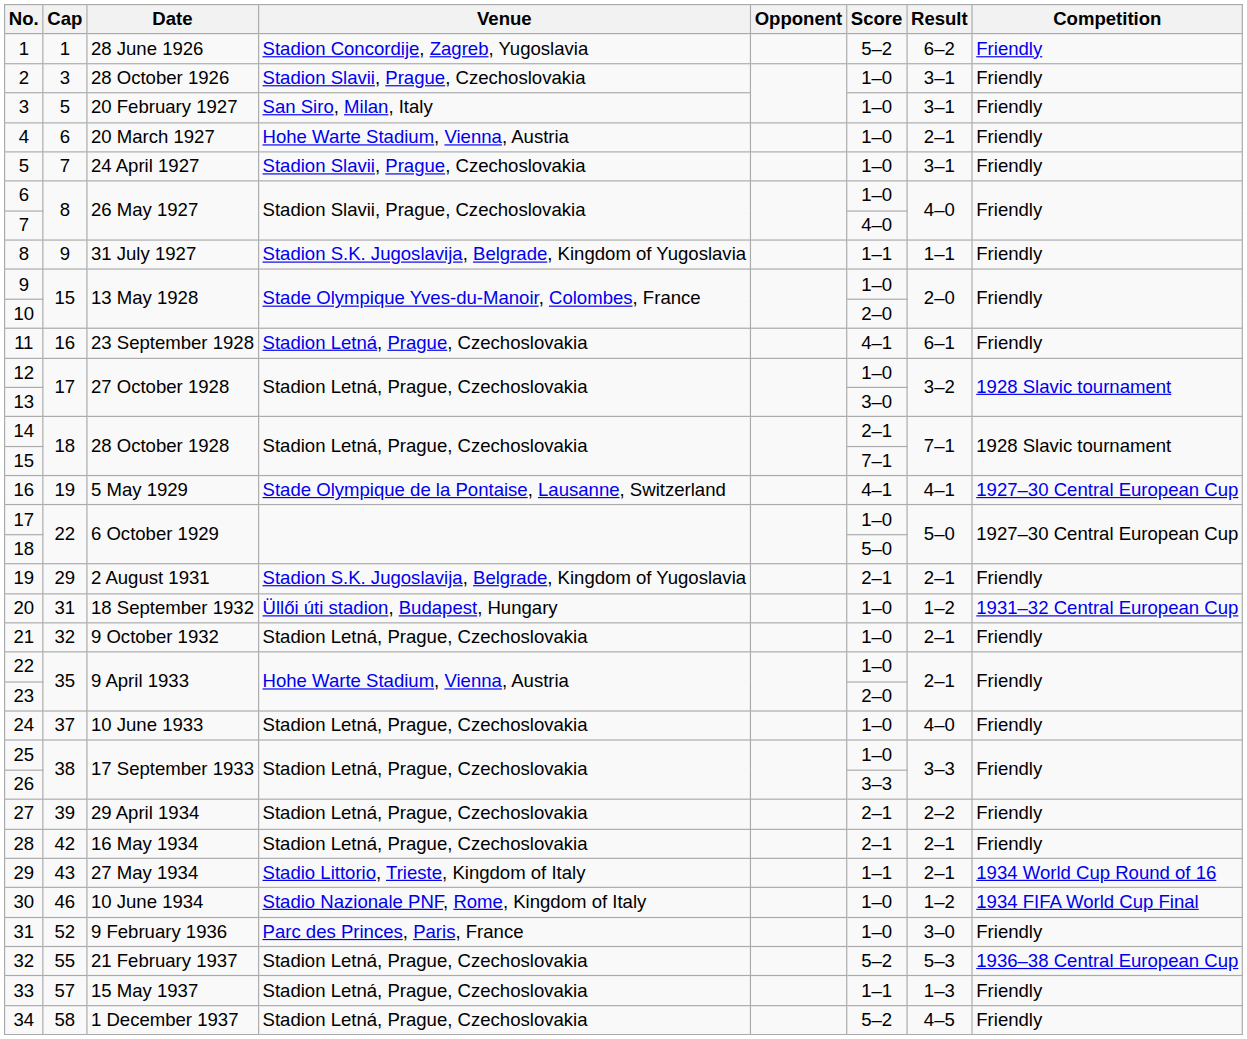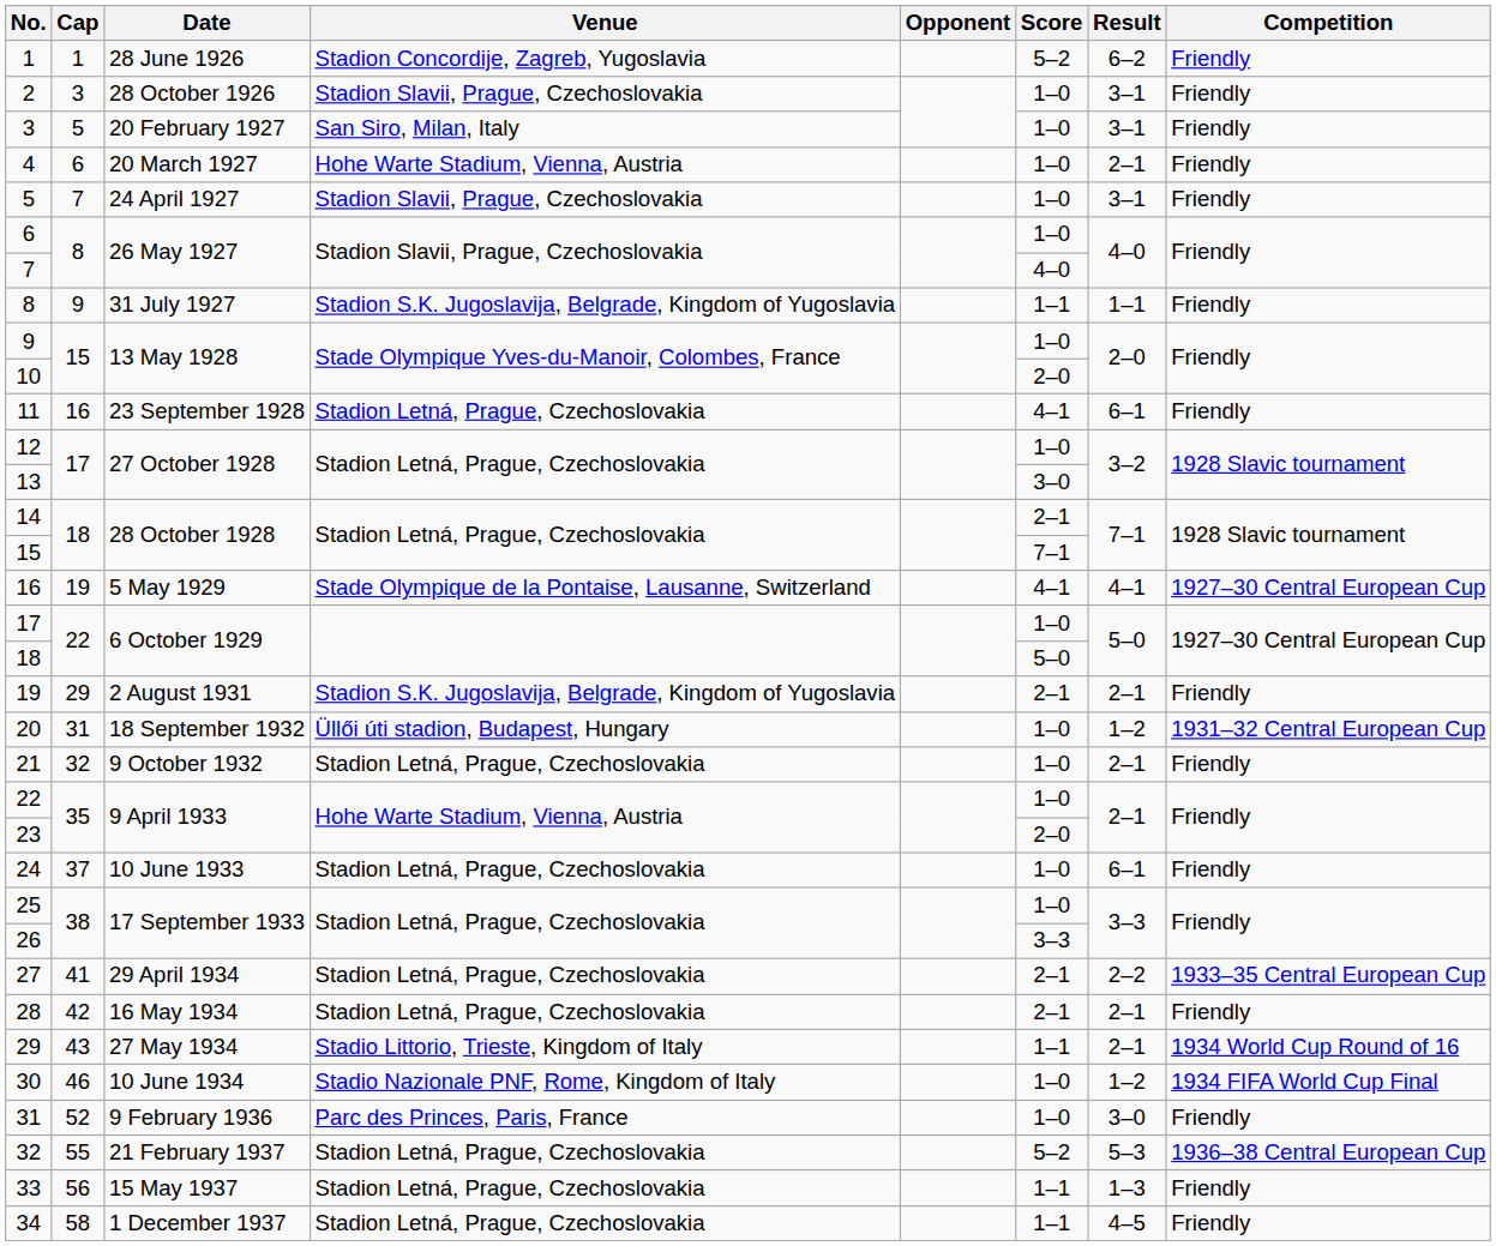 <table class="wikitable sortable">
 <tr>
 <th scope="col">No.</th>
 <th scope="col">Cap</th>
 <th scope="col">Date</th>
 <th scope="col">Venue</th>
 <th scope="col">Opponent</th>
 <th scope="col">Score</th>
 <th scope="col">Result</th>
 <th scope="col">Competition</th>
 </tr>
 <tr>
 <td style="text-align:center">1</td>
 <td style="text-align:center">1</td>
 <td>28 June 1926</td>
 <td><a href='#'>Stadion Concordije</a>, <a href='#'>Zagreb</a>, Yugoslavia</td>
 <td></td>
 <td style="text-align:center">5–2</td>
 <td style="text-align:center">6–2</td>
 <td><a href='#'>Friendly</a></td>
 </tr>
 <tr>
 <td style="text-align:center">2</td>
 <td style="text-align:center">3</td>
 <td>28 October 1926</td>
 <td><a href='#'>Stadion Slavii</a>, <a href='#'>Prague</a>, Czechoslovakia</td>
 <td rowspan="2"></td>
 <td style="text-align:center">1–0</td>
 <td style="text-align:center">3–1</td>
 <td>Friendly</td>
 </tr>
 <tr>
 <td style="text-align:center">3</td>
 <td style="text-align:center">5</td>
 <td>20 February 1927</td>
 <td><a href='#'>San Siro</a>, <a href='#'>Milan</a>, Italy</td>
 <td style="text-align:center">1–0</td>
 <td style="text-align:center">3–1</td>
 <td>Friendly</td>
 </tr>
 <tr>
 <td style="text-align:center">4</td>
 <td style="text-align:center">6</td>
 <td>20 March 1927</td>
 <td><a href='#'>Hohe Warte Stadium</a>, <a href='#'>Vienna</a>, Austria</td>
 <td></td>
 <td style="text-align:center">1–0</td>
 <td style="text-align:center">2–1</td>
 <td>Friendly</td>
 </tr>
 <tr>
 <td style="text-align:center">5</td>
 <td style="text-align:center">7</td>
 <td>24 April 1927</td>
 <td><a href='#'>Stadion Slavii</a>, <a href='#'>Prague</a>, Czechoslovakia</td>
 <td></td>
 <td style="text-align:center">1–0</td>
 <td style="text-align:center">3–1</td>
 <td>Friendly</td>
 </tr>
 <tr>
 <td style="text-align:center">6</td>
 <td rowspan="2" style="text-align:center">8</td>
 <td rowspan="2">26 May 1927</td>
 <td rowspan="2">Stadion Slavii, Prague, Czechoslovakia</td>
 <td rowspan="2"></td>
 <td style="text-align:center">1–0</td>
 <td rowspan="2" style="text-align:center">4–0</td>
 <td rowspan="2">Friendly</td>
 </tr>
 <tr>
 <td style="text-align:center">7</td>
 <td style="text-align:center">4–0</td>
 </tr>
 <tr>
 <td style="text-align:center">8</td>
 <td style="text-align:center">9</td>
 <td>31 July 1927</td>
 <td><a href='#'>Stadion S.K. Jugoslavija</a>, <a href='#'>Belgrade</a>, Kingdom of Yugoslavia</td>
 <td></td>
 <td style="text-align:center">1–1</td>
 <td style="text-align:center">1–1</td>
 <td>Friendly</td>
 </tr>
 <tr>
 <td style="text-align:center">9</td>
 <td rowspan="2" style="text-align:center">15</td>
 <td rowspan="2">13 May 1928</td>
 <td rowspan="2"><a href='#'>Stade Olympique Yves-du-Manoir</a>, <a href='#'>Colombes</a>, France</td>
 <td rowspan="2"></td>
 <td style="text-align:center">1–0</td>
 <td rowspan="2" style="text-align:center">2–0</td>
 <td rowspan="2">Friendly</td>
 </tr>
 <tr>
 <td style="text-align:center">10</td>
 <td style="text-align:center">2–0</td>
 </tr>
 <tr>
 <td style="text-align:center">11</td>
 <td style="text-align:center">16</td>
 <td>23 September 1928</td>
 <td><a href='#'>Stadion Letná</a>, <a href='#'>Prague</a>, Czechoslovakia</td>
 <td></td>
 <td style="text-align:center">4–1</td>
 <td style="text-align:center">6–1</td>
 <td>Friendly</td>
 </tr>
 <tr>
 <td style="text-align:center">12</td>
 <td rowspan="2" style="text-align:center">17</td>
 <td rowspan="2">27 October 1928</td>
 <td rowspan="2">Stadion Letná, Prague, Czechoslovakia</td>
 <td rowspan="2"></td>
 <td style="text-align:center">1–0</td>
 <td rowspan="2" style="text-align:center">3–2</td>
 <td rowspan="2"><a href='#'>1928 Slavic tournament</a></td>
 </tr>
 <tr>
 <td style="text-align:center">13</td>
 <td style="text-align:center">3–0</td>
 </tr>
 <tr>
 <td style="text-align:center">14</td>
 <td rowspan="2" style="text-align:center">18</td>
 <td rowspan="2">28 October 1928</td>
 <td rowspan="2">Stadion Letná, Prague, Czechoslovakia</td>
 <td rowspan="2"></td>
 <td style="text-align:center">2–1</td>
 <td rowspan="2" style="text-align:center">7–1</td>
 <td rowspan="2">1928 Slavic tournament</td>
 </tr>
 <tr>
 <td style="text-align:center">15</td>
 <td style="text-align:center">7–1</td>
 </tr>
 <tr>
 <td style="text-align:center">16</td>
 <td style="text-align:center">19</td>
 <td>5 May 1929</td>
 <td><a href='#'>Stade Olympique de la Pontaise</a>, <a href='#'>Lausanne</a>, Switzerland</td>
 <td></td>
 <td style="text-align:center">4–1</td>
 <td style="text-align:center">4–1</td>
 <td><a href='#'>1927–30 Central European Cup</a></td>
 </tr>
 <tr>
 <td style="text-align:center">17</td>
 <td rowspan="2" style="text-align:center">22</td>
 <td rowspan="2">6 October 1929</td>
 <td rowspan="2"></td>
 <td rowspan="2"></td>
 <td style="text-align:center">1–0</td>
 <td rowspan="2" style="text-align:center">5–0</td>
 <td rowspan="2">1927–30 Central European Cup</td>
 </tr>
 <tr>
 <td style="text-align:center">18</td>
 <td style="text-align:center">5–0</td>
 </tr>
 <tr>
 <td style="text-align:center">19</td>
 <td style="text-align:center">29</td>
 <td>2 August 1931</td>
 <td><a href='#'>Stadion S.K. Jugoslavija</a>, <a href='#'>Belgrade</a>, Kingdom of Yugoslavia</td>
 <td></td>
 <td style="text-align:center">2–1</td>
 <td style="text-align:center">2–1</td>
 <td>Friendly</td>
 </tr>
 <tr>
 <td style="text-align:center">20</td>
 <td style="text-align:center">31</td>
 <td>18 September 1932</td>
 <td><a href='#'>Üllői úti stadion</a>, <a href='#'>Budapest</a>, Hungary</td>
 <td></td>
 <td style="text-align:center">1–0</td>
 <td style="text-align:center">1–2</td>
 <td><a href='#'>1931–32 Central European Cup</a></td>
 </tr>
 <tr>
 <td style="text-align:center">21</td>
 <td style="text-align:center">32</td>
 <td>9 October 1932</td>
 <td>Stadion Letná, Prague, Czechoslovakia</td>
 <td></td>
 <td style="text-align:center">1–0</td>
 <td style="text-align:center">2–1</td>
 <td>Friendly</td>
 </tr>
 <tr>
 <td style="text-align:center">22</td>
 <td rowspan="2" style="text-align:center">35</td>
 <td rowspan="2">9 April 1933</td>
 <td rowspan="2"><a href='#'>Hohe Warte Stadium</a>, <a href='#'>Vienna</a>, Austria</td>
 <td rowspan="2"></td>
 <td style="text-align:center">1–0</td>
 <td rowspan="2" style="text-align:center">2–1</td>
 <td rowspan="2">Friendly</td>
 </tr>
 <tr>
 <td style="text-align:center">23</td>
 <td style="text-align:center">2–0</td>
 </tr>
 <tr>
 <td style="text-align:center">24</td>
 <td style="text-align:center">37</td>
 <td>10 June 1933</td>
 <td>Stadion Letná, Prague, Czechoslovakia</td>
 <td></td>
 <td style="text-align:center">1–0</td>
-<td style="text-align:center">4–0</td>
+<td style="text-align:center">6–1</td>
 <td>Friendly</td>
 </tr>
 <tr>
 <td style="text-align:center">25</td>
 <td rowspan="2" style="text-align:center">38</td>
 <td rowspan="2">17 September 1933</td>
 <td rowspan="2">Stadion Letná, Prague, Czechoslovakia</td>
 <td rowspan="2"></td>
 <td style="text-align:center">1–0</td>
 <td rowspan="2" style="text-align:center">3–3</td>
 <td rowspan="2">Friendly</td>
 </tr>
 <tr>
 <td style="text-align:center">26</td>
 <td style="text-align:center">3–3</td>
 </tr>
 <tr>
 <td style="text-align:center">27</td>
-<td style="text-align:center">39</td>
+<td style="text-align:center">41</td>
 <td>29 April 1934</td>
 <td>Stadion Letná, Prague, Czechoslovakia</td>
 <td></td>
 <td style="text-align:center">2–1</td>
 <td style="text-align:center">2–2</td>
-<td>Friendly</td>
+<td><a href='#'>1933–35 Central European Cup</a></td>
 </tr>
 <tr>
 <td style="text-align:center">28</td>
 <td style="text-align:center">42</td>
 <td>16 May 1934</td>
 <td>Stadion Letná, Prague, Czechoslovakia</td>
 <td></td>
 <td style="text-align:center">2–1</td>
 <td style="text-align:center">2–1</td>
 <td>Friendly</td>
 </tr>
 <tr>
 <td style="text-align:center">29</td>
 <td style="text-align:center">43</td>
 <td>27 May 1934</td>
 <td><a href='#'>Stadio Littorio</a>, <a href='#'>Trieste</a>, Kingdom of Italy</td>
 <td></td>
 <td style="text-align:center">1–1</td>
 <td style="text-align:center">2–1</td>
 <td><a href='#'>1934 World Cup Round of 16</a></td>
 </tr>
 <tr>
 <td style="text-align:center">30</td>
 <td style="text-align:center">46</td>
 <td>10 June 1934</td>
 <td><a href='#'>Stadio Nazionale PNF</a>, <a href='#'>Rome</a>, Kingdom of Italy</td>
 <td></td>
 <td style="text-align:center">1–0</td>
 <td style="text-align:center">1–2</td>
 <td><a href='#'>1934 FIFA World Cup Final</a></td>
 </tr>
 <tr>
 <td style="text-align:center">31</td>
 <td style="text-align:center">52</td>
 <td>9 February 1936</td>
 <td><a href='#'>Parc des Princes</a>, <a href='#'>Paris</a>, France</td>
 <td></td>
 <td style="text-align:center">1–0</td>
 <td style="text-align:center">3–0</td>
 <td>Friendly</td>
 </tr>
 <tr>
 <td style="text-align:center">32</td>
 <td style="text-align:center">55</td>
 <td>21 February 1937</td>
 <td>Stadion Letná, Prague, Czechoslovakia</td>
 <td></td>
 <td style="text-align:center">5–2</td>
 <td style="text-align:center">5–3</td>
 <td><a href='#'>1936–38 Central European Cup</a></td>
 </tr>
 <tr>
 <td style="text-align:center">33</td>
-<td style="text-align:center">57</td>
+<td style="text-align:center">56</td>
 <td>15 May 1937</td>
 <td>Stadion Letná, Prague, Czechoslovakia</td>
 <td></td>
 <td style="text-align:center">1–1</td>
 <td style="text-align:center">1–3</td>
 <td>Friendly</td>
 </tr>
 <tr>
 <td style="text-align:center">34</td>
 <td style="text-align:center">58</td>
 <td>1 December 1937</td>
 <td>Stadion Letná, Prague, Czechoslovakia</td>
 <td></td>
-<td style="text-align:center">5–2</td>
+<td style="text-align:center">1–1</td>
 <td style="text-align:center">4–5</td>
 <td>Friendly</td>
 </tr>
 <tr>
 </tr>
 </table>
